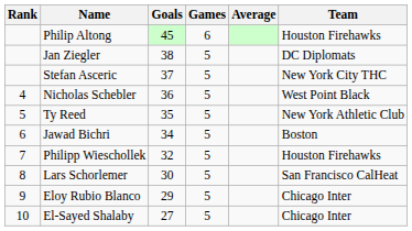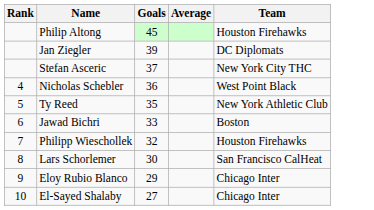 <table class="wikitable sortable"  style="text-align:center">
 <tr>
 <th>Rank</th>
 <th>Name</th>
 <th>Goals</th>
-<th>Games</th>
 <th>Average</th>
 <th>Team</th>
 </tr>
 <tr>
 <td></td>
 <td align="left">Philip Altong</td>
 <td bgcolor=#ccffcc>45</td>
-<td>6</td>
 <td bgcolor=#ccffcc></td>
 <td align="left">Houston Firehawks</td>
 </tr>
 <tr>
 <td></td>
 <td align="left">Jan Ziegler</td>
-<td>38</td>
-<td>5</td>
+<td>39</td>
 <td></td>
 <td align="left">DC Diplomats</td>
 </tr>
 <tr>
 <td></td>
 <td align="left">Stefan Asceric</td>
 <td>37</td>
-<td>5</td>
 <td></td>
 <td align="left">New York City THC</td>
 </tr>
 <tr>
 <td align=center>4</td>
 <td align="left">Nicholas Schebler</td>
 <td>36</td>
-<td>5</td>
 <td></td>
 <td align="left">West Point Black</td>
 </tr>
 <tr>
 <td align=center>5</td>
 <td align="left">Ty Reed</td>
 <td>35</td>
-<td>5</td>
 <td></td>
 <td align="left">New York Athletic Club</td>
 </tr>
 <tr>
 <td align=center>6</td>
 <td align="left">Jawad Bichri</td>
-<td>34</td>
-<td>5</td>
+<td>33</td>
 <td></td>
 <td align="left">Boston</td>
 </tr>
 <tr>
 <td align=center>7</td>
 <td align="left">Philipp Wieschollek</td>
 <td>32</td>
-<td>5</td>
 <td></td>
 <td align="left">Houston Firehawks</td>
 </tr>
 <tr>
 <td align=center>8</td>
 <td align="left">Lars Schorlemer</td>
 <td>30</td>
-<td>5</td>
 <td></td>
 <td align="left">San Francisco CalHeat</td>
 </tr>
 <tr>
 <td align=center>9</td>
 <td align="left">Eloy Rubio Blanco</td>
 <td>29</td>
-<td>5</td>
 <td></td>
 <td align="left">Chicago Inter</td>
 </tr>
 <tr>
 <td align=center>10</td>
 <td align="left">El-Sayed Shalaby</td>
 <td>27</td>
-<td>5</td>
 <td></td>
 <td align="left">Chicago Inter</td>
 </tr>
 </table>
